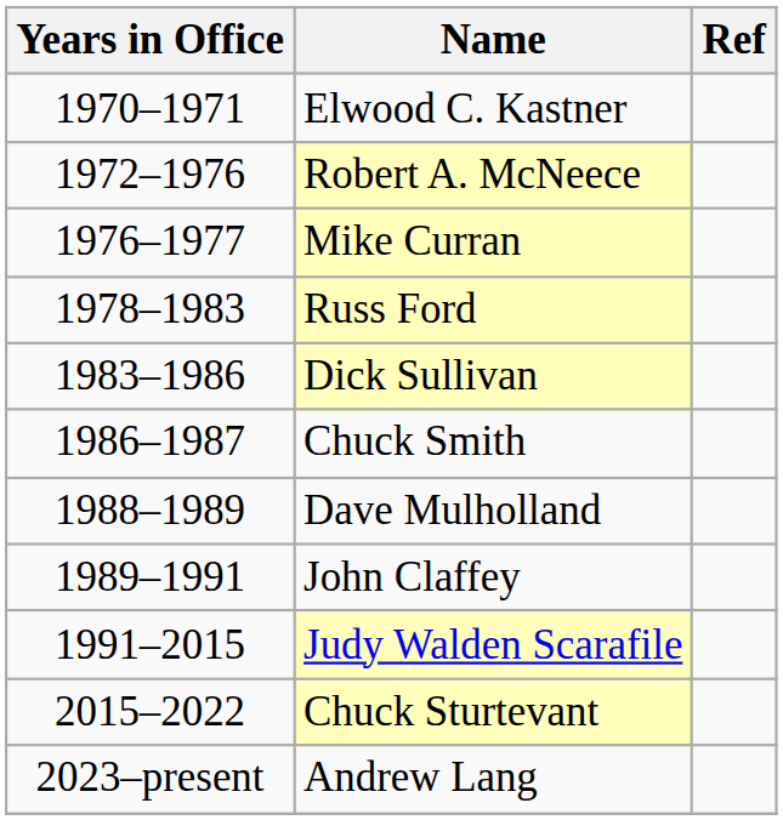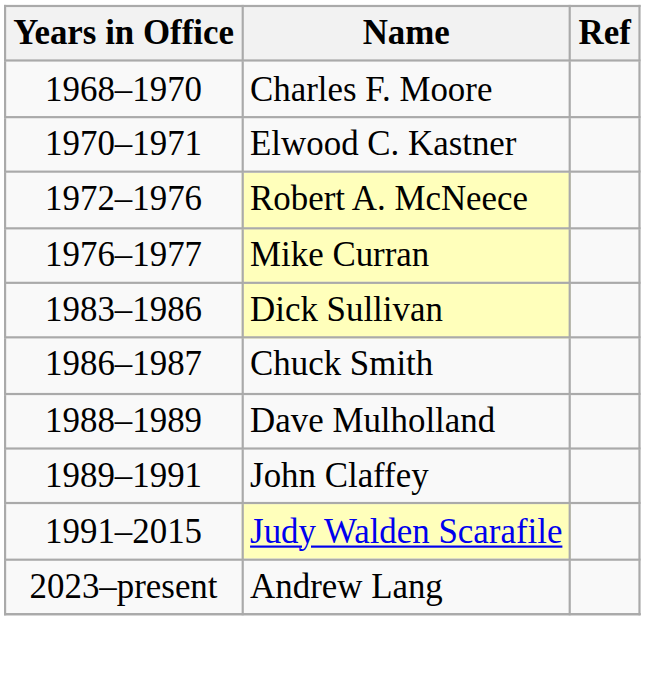 <table class="wikitable" style="display: inline-table; margin-right: 30px; text-align:center">
 <tr>
 <th>Years in Office</th>
 <th>Name</th>
 <th>Ref</th>
+</tr>
+<tr>
+<td>1968–1970</td>
+<td style="text-align:left">Charles F. Moore</td>
+<td></td>
 </tr>
 <tr>
 <td>1970–1971</td>
 <td style="text-align:left">Elwood C. Kastner</td>
 <td></td>
 </tr>
 <tr>
 <td>1972–1976</td>
 <td style="text-align:left; background:#ffb">Robert A. McNeece</td>
 <td></td>
 </tr>
 <tr>
 <td>1976–1977</td>
 <td style="text-align:left; background:#ffb">Mike Curran</td>
-<td></td>
-</tr>
-<tr>
-<td>1978–1983</td>
-<td style="text-align:left; background:#ffb">Russ Ford</td>
 <td></td>
 </tr>
 <tr>
 <td>1983–1986</td>
 <td style="text-align:left; background:#ffb">Dick Sullivan</td>
 <td></td>
 </tr>
 <tr>
 <td>1986–1987</td>
 <td style="text-align:left">Chuck Smith</td>
 <td></td>
 </tr>
 <tr>
 <td>1988–1989</td>
 <td style="text-align:left">Dave Mulholland</td>
 <td></td>
 </tr>
 <tr>
 <td>1989–1991</td>
 <td style="text-align:left">John Claffey</td>
 <td></td>
 </tr>
 <tr>
 <td>1991–2015</td>
 <td style="text-align:left; background:#ffb"><a href='#'>Judy Walden Scarafile</a></td>
 <td></td>
 </tr>
 <tr>
-<td>2015–2022</td>
-<td style="text-align:left; background:#ffb">Chuck Sturtevant</td>
-<td></td>
-</tr>
-<tr>
 <td>2023–present</td>
 <td style="text-align:left">Andrew Lang</td>
 <td></td>
 </tr>
 <tr>
 </tr>
 </table>
